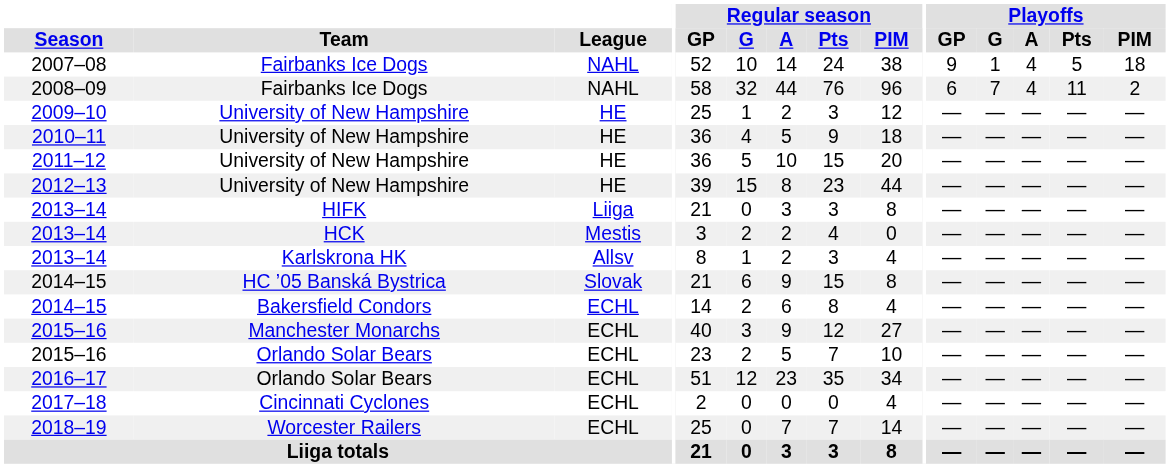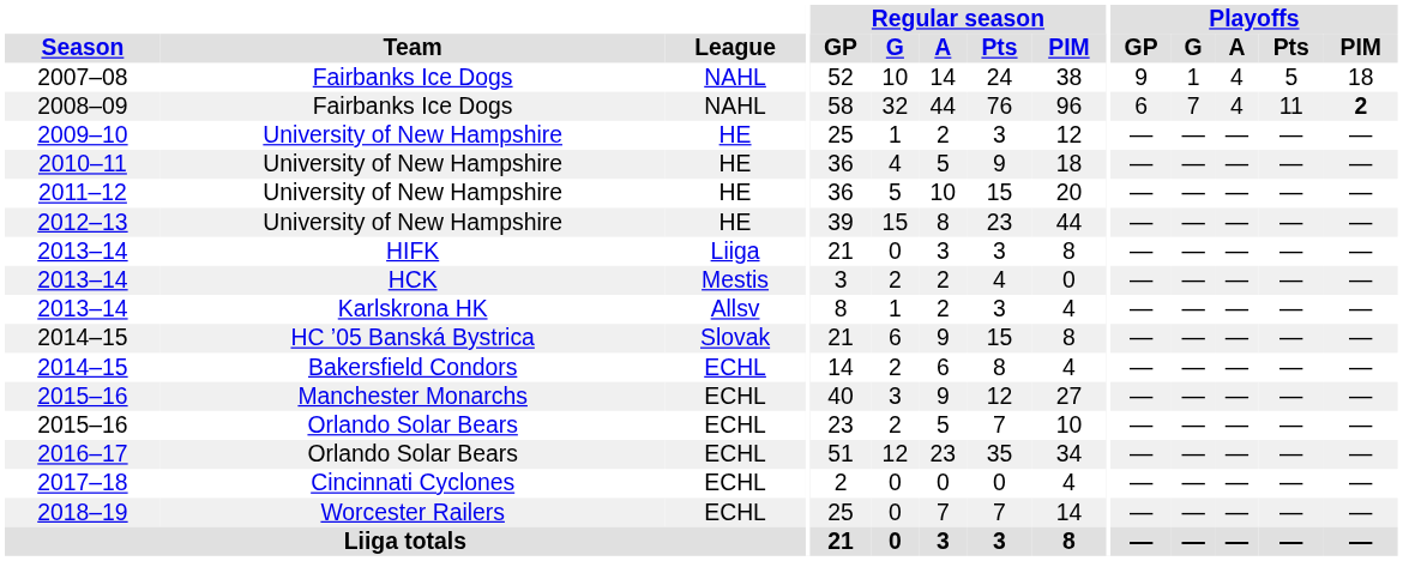 <table border="0" cellpadding="1" cellspacing="0" style="text-align:center; width:60em">
 <tr bgcolor="#e0e0e0">
 <th colspan="3" bgcolor="#ffffff"></th>
 <th rowspan="99" bgcolor="#ffffff"></th>
 <th colspan="5"><a href='#'>Regular season</a></th>
 <th rowspan="99" bgcolor="#ffffff"></th>
 <th colspan="5"><a href='#'>Playoffs</a></th>
 </tr>
 <tr bgcolor="#e0e0e0">
 <th><a href='#'>Season</a></th>
 <th>Team</th>
 <th>League</th>
 <th>GP</th>
 <th><a href='#'>G</a></th>
 <th><a href='#'>A</a></th>
 <th><a href='#'>Pts</a></th>
 <th><a href='#'>PIM</a></th>
 <th>GP</th>
 <th>G</th>
 <th>A</th>
 <th>Pts</th>
 <th>PIM</th>
 </tr>
 <tr>
 <td>2007–08</td>
 <td><a href='#'>Fairbanks Ice Dogs</a></td>
 <td><a href='#'>NAHL</a></td>
 <td>52</td>
 <td>10</td>
 <td>14</td>
 <td>24</td>
 <td>38</td>
 <td>9</td>
 <td>1</td>
 <td>4</td>
 <td>5</td>
 <td>18</td>
 </tr>
 <tr bgcolor="#f0f0f0">
 <td>2008–09</td>
 <td>Fairbanks Ice Dogs</td>
 <td>NAHL</td>
 <td>58</td>
 <td>32</td>
 <td>44</td>
 <td>76</td>
 <td>96</td>
 <td>6</td>
 <td>7</td>
 <td>4</td>
 <td>11</td>
-<td>2</td>
+<td><strong>2</strong></td>
 </tr>
 <tr>
 <td><a href='#'>2009–10</a></td>
 <td><a href='#'>University of New Hampshire</a></td>
 <td><a href='#'>HE</a></td>
 <td>25</td>
 <td>1</td>
 <td>2</td>
 <td>3</td>
 <td>12</td>
 <td>—</td>
 <td>—</td>
 <td>—</td>
 <td>—</td>
 <td>—</td>
 </tr>
 <tr bgcolor="#f0f0f0">
 <td><a href='#'>2010–11</a></td>
 <td>University of New Hampshire</td>
 <td>HE</td>
 <td>36</td>
 <td>4</td>
 <td>5</td>
 <td>9</td>
 <td>18</td>
 <td>—</td>
 <td>—</td>
 <td>—</td>
 <td>—</td>
 <td>—</td>
 </tr>
 <tr>
 <td><a href='#'>2011–12</a></td>
 <td>University of New Hampshire</td>
 <td>HE</td>
 <td>36</td>
 <td>5</td>
 <td>10</td>
 <td>15</td>
 <td>20</td>
 <td>—</td>
 <td>—</td>
 <td>—</td>
 <td>—</td>
 <td>—</td>
 </tr>
 <tr bgcolor="#f0f0f0">
 <td><a href='#'>2012–13</a></td>
 <td>University of New Hampshire</td>
 <td>HE</td>
 <td>39</td>
 <td>15</td>
 <td>8</td>
 <td>23</td>
 <td>44</td>
 <td>—</td>
 <td>—</td>
 <td>—</td>
 <td>—</td>
 <td>—</td>
 </tr>
 <tr>
 <td><a href='#'>2013–14</a></td>
 <td><a href='#'>HIFK</a></td>
 <td><a href='#'>Liiga</a></td>
 <td>21</td>
 <td>0</td>
 <td>3</td>
 <td>3</td>
 <td>8</td>
 <td>—</td>
 <td>—</td>
 <td>—</td>
 <td>—</td>
 <td>—</td>
 </tr>
 <tr bgcolor="#f0f0f0">
 <td><a href='#'>2013–14</a></td>
 <td><a href='#'>HCK</a></td>
 <td><a href='#'>Mestis</a></td>
 <td>3</td>
 <td>2</td>
 <td>2</td>
 <td>4</td>
 <td>0</td>
 <td>—</td>
 <td>—</td>
 <td>—</td>
 <td>—</td>
 <td>—</td>
 </tr>
 <tr>
 <td><a href='#'>2013–14</a></td>
 <td><a href='#'>Karlskrona HK</a></td>
 <td><a href='#'>Allsv</a></td>
 <td>8</td>
 <td>1</td>
 <td>2</td>
 <td>3</td>
 <td>4</td>
 <td>—</td>
 <td>—</td>
 <td>—</td>
 <td>—</td>
 <td>—</td>
 </tr>
 <tr bgcolor="#f0f0f0">
 <td>2014–15</td>
 <td><a href='#'>HC ’05 Banská Bystrica</a></td>
 <td><a href='#'>Slovak</a></td>
 <td>21</td>
 <td>6</td>
 <td>9</td>
 <td>15</td>
 <td>8</td>
 <td>—</td>
 <td>—</td>
 <td>—</td>
 <td>—</td>
 <td>—</td>
 </tr>
 <tr>
 <td><a href='#'>2014–15</a></td>
 <td><a href='#'>Bakersfield Condors</a></td>
 <td><a href='#'>ECHL</a></td>
 <td>14</td>
 <td>2</td>
 <td>6</td>
 <td>8</td>
 <td>4</td>
 <td>—</td>
 <td>—</td>
 <td>—</td>
 <td>—</td>
 <td>—</td>
 </tr>
 <tr bgcolor="#f0f0f0">
 <td><a href='#'>2015–16</a></td>
 <td><a href='#'>Manchester Monarchs</a></td>
 <td>ECHL</td>
 <td>40</td>
 <td>3</td>
 <td>9</td>
 <td>12</td>
 <td>27</td>
 <td>—</td>
 <td>—</td>
 <td>—</td>
 <td>—</td>
 <td>—</td>
 </tr>
 <tr>
 <td>2015–16</td>
 <td><a href='#'>Orlando Solar Bears</a></td>
 <td>ECHL</td>
 <td>23</td>
 <td>2</td>
 <td>5</td>
 <td>7</td>
 <td>10</td>
 <td>—</td>
 <td>—</td>
 <td>—</td>
 <td>—</td>
 <td>—</td>
 </tr>
 <tr bgcolor="#f0f0f0">
 <td><a href='#'>2016–17</a></td>
 <td>Orlando Solar Bears</td>
 <td>ECHL</td>
 <td>51</td>
 <td>12</td>
 <td>23</td>
 <td>35</td>
 <td>34</td>
 <td>—</td>
 <td>—</td>
 <td>—</td>
 <td>—</td>
 <td>—</td>
 </tr>
 <tr>
 <td><a href='#'>2017–18</a></td>
 <td><a href='#'>Cincinnati Cyclones</a></td>
 <td>ECHL</td>
 <td>2</td>
 <td>0</td>
 <td>0</td>
 <td>0</td>
 <td>4</td>
 <td>—</td>
 <td>—</td>
 <td>—</td>
 <td>—</td>
 <td>—</td>
 </tr>
 <tr bgcolor="#f0f0f0">
 <td><a href='#'>2018–19</a></td>
 <td><a href='#'>Worcester Railers</a></td>
 <td>ECHL</td>
 <td>25</td>
 <td>0</td>
 <td>7</td>
 <td>7</td>
 <td>14</td>
 <td>—</td>
 <td>—</td>
 <td>—</td>
 <td>—</td>
 <td>—</td>
 </tr>
 <tr bgcolor="#e0e0e0">
 <th colspan="3">Liiga totals</th>
 <th>21</th>
 <th>0</th>
 <th>3</th>
 <th>3</th>
 <th>8</th>
 <th>—</th>
 <th>—</th>
 <th>—</th>
 <th>—</th>
 <th>—</th>
 </tr>
 </table>
